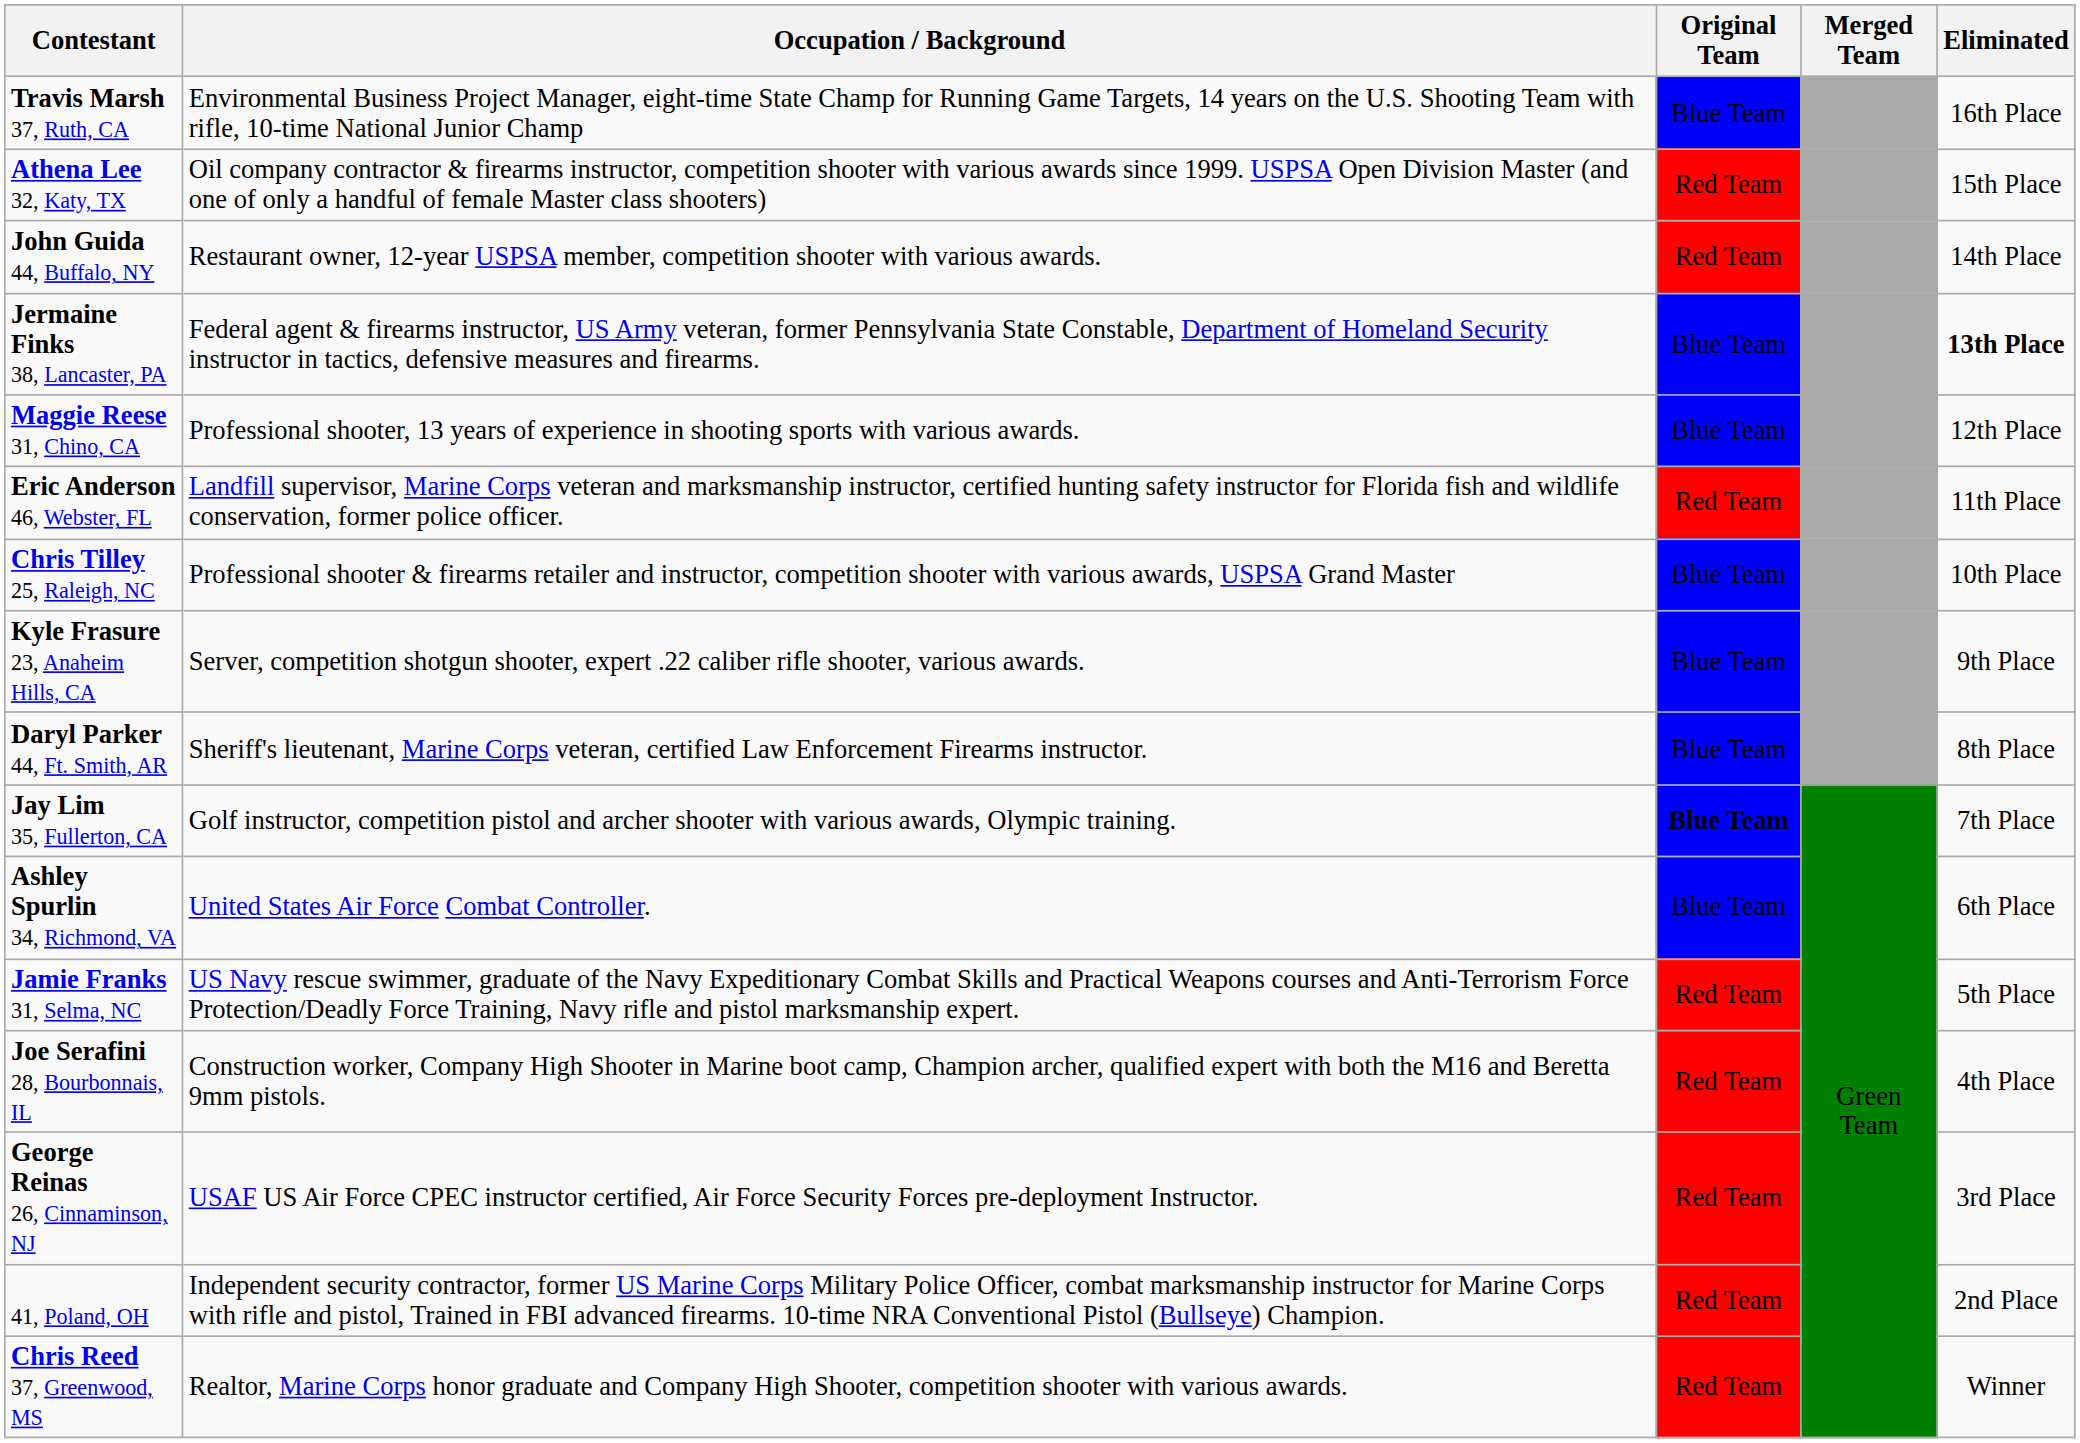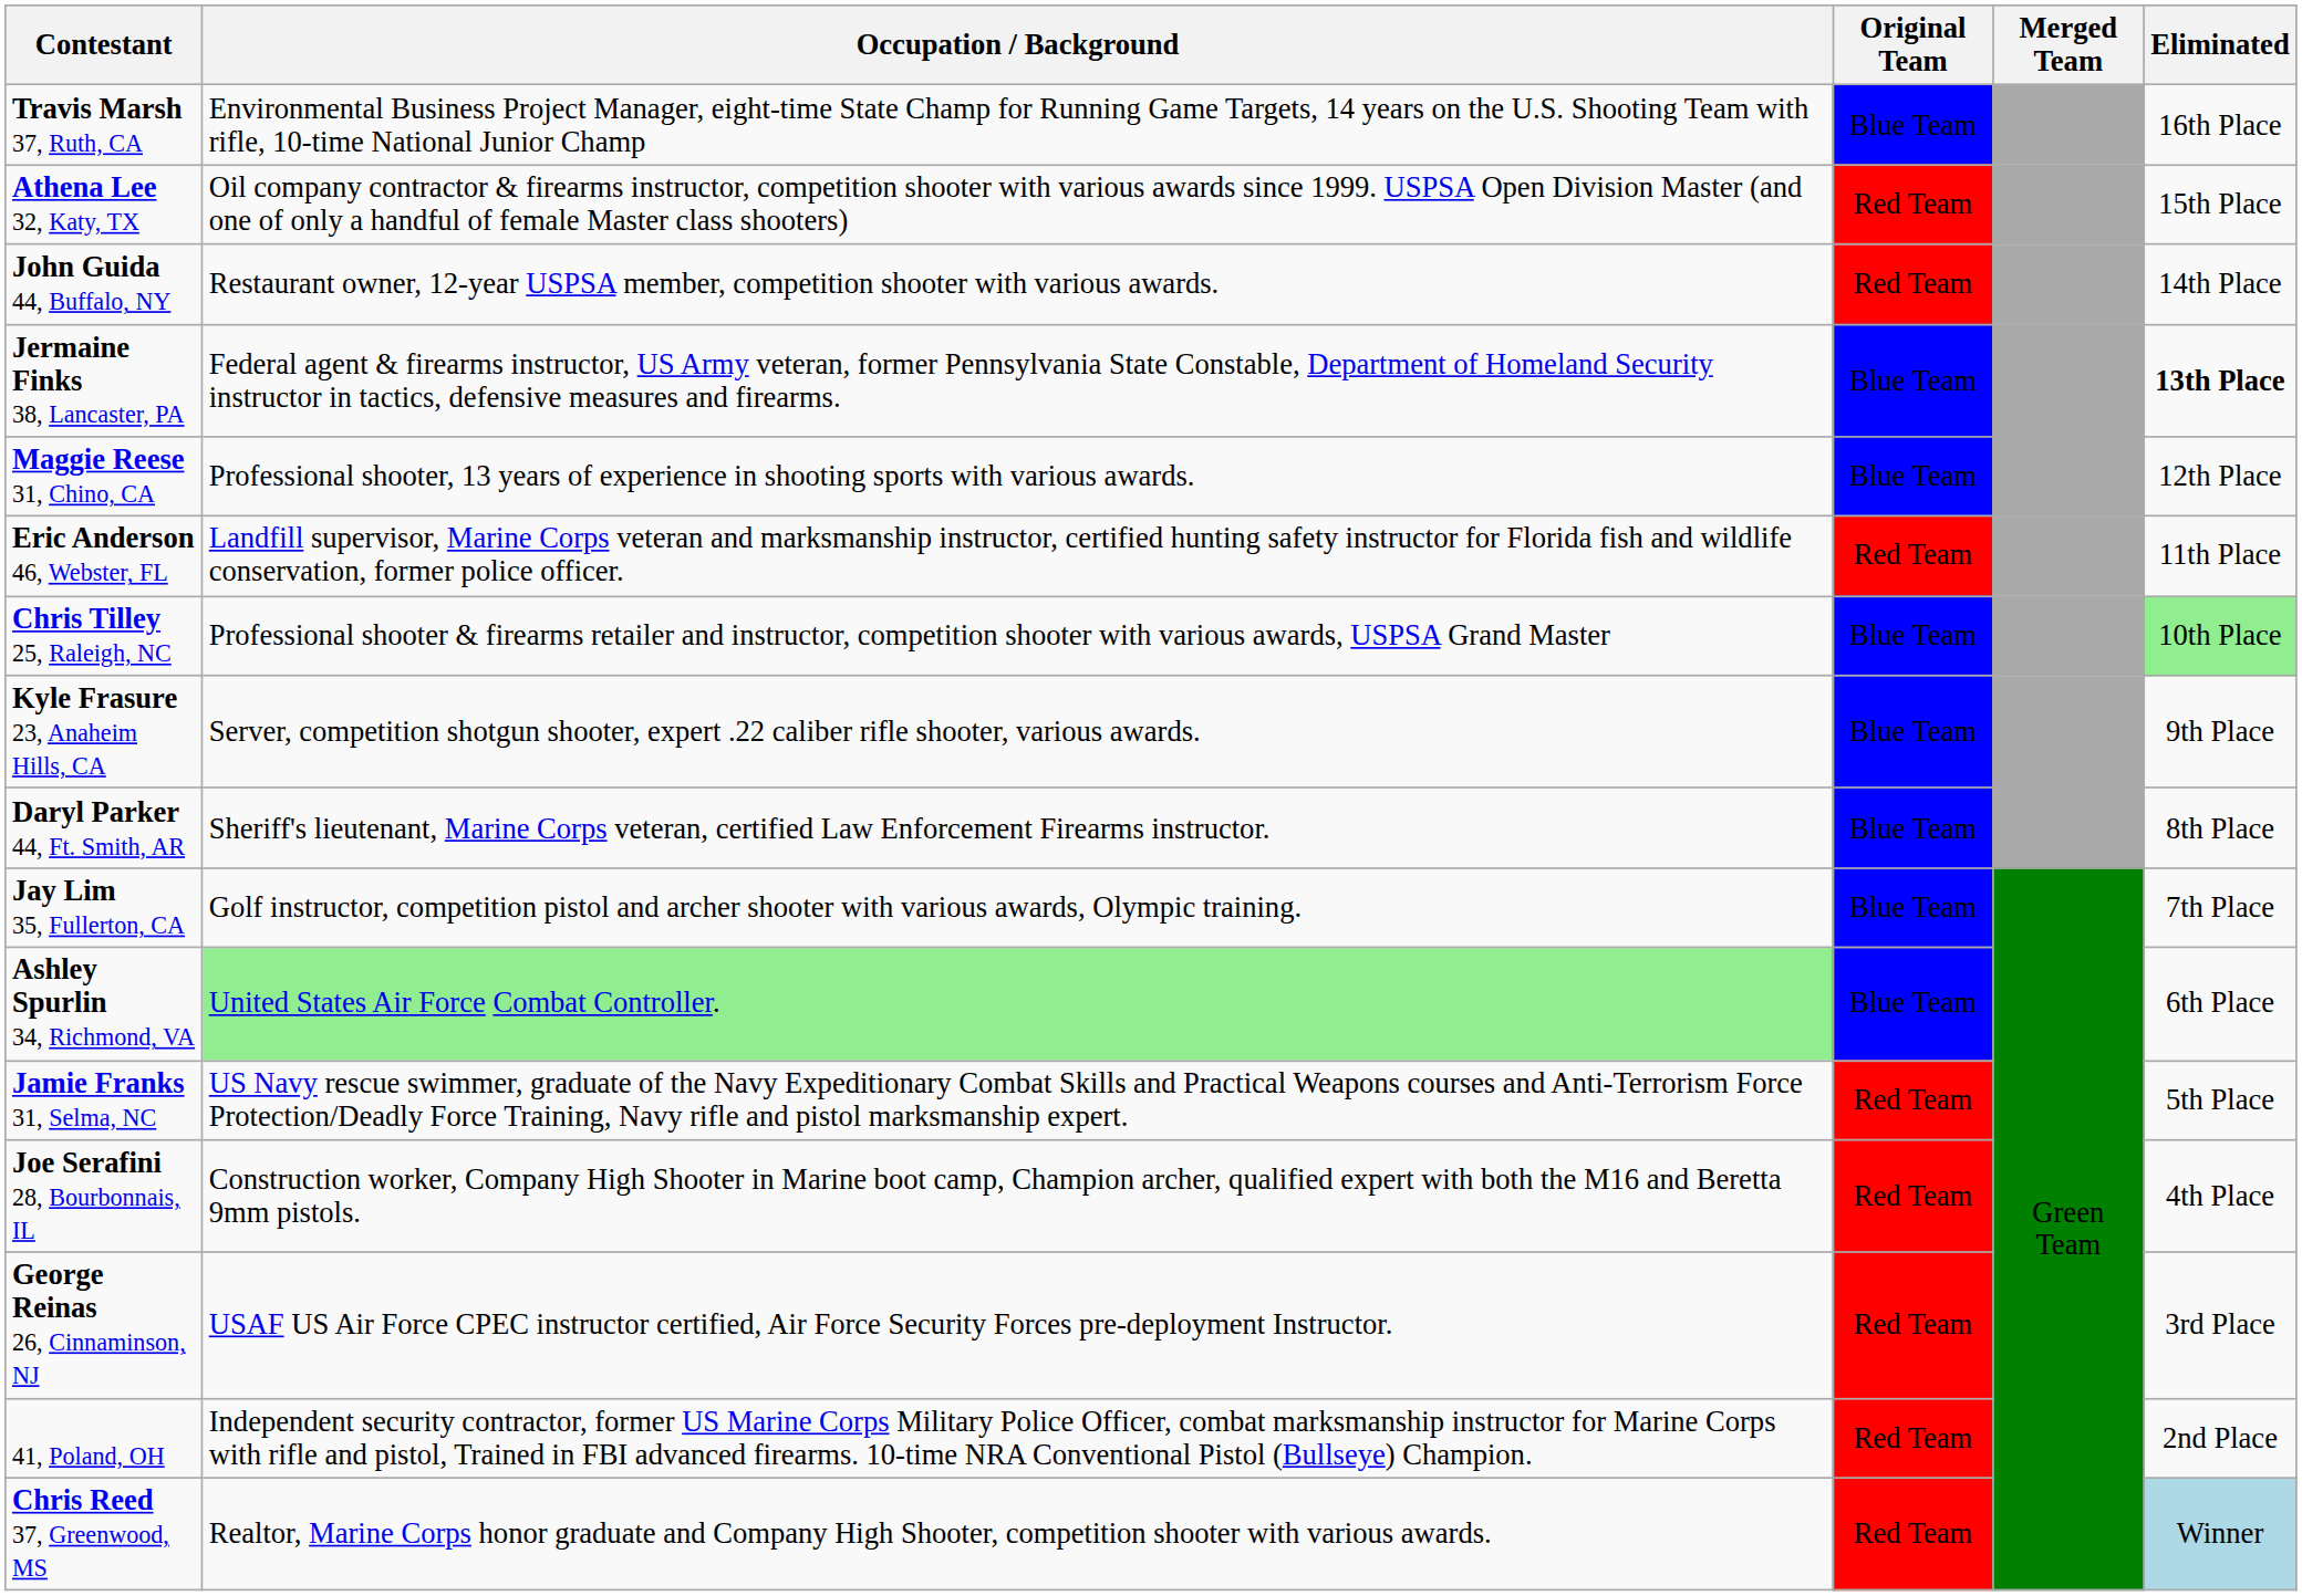 <table class="wikitable">
 <tr>
 <th>Contestant</th>
 <th>Occupation / Background</th>
 <th>Original Team</th>
 <th>Merged Team</th>
 <th>Eliminated</th>
 </tr>
 <tr>
 <td><strong>Travis Marsh</strong><br><small>37, <a href='#'>Ruth, CA</a></small></td>
 <td>Environmental Business Project Manager, eight-time State Champ for Running Game Targets, 14 years on the U.S. Shooting Team with rifle, 10-time National Junior Champ</td>
 <td style="background:blue; text-align:center;"><span>Blue Team</span></td>
 <td style="background:darkgrey;"></td>
 <td style="text-align:center;">16th Place</td>
 </tr>
 <tr>
 <td><strong><a href='#'>Athena Lee</a></strong><br><small>32, <a href='#'>Katy, TX</a></small></td>
 <td>Oil company contractor & firearms instructor, competition shooter with various awards since 1999.  <a href='#'>USPSA</a> Open Division Master (and one of only a handful of female Master class shooters)</td>
 <td style="background:red; text-align:center;"><span>Red Team</span></td>
 <td style="background:darkgrey;"></td>
 <td style="text-align:center;">15th Place</td>
 </tr>
 <tr>
 <td><strong>John Guida</strong><br><small>44, <a href='#'>Buffalo, NY</a></small></td>
 <td>Restaurant owner, 12-year <a href='#'>USPSA</a> member, competition shooter with various awards.</td>
 <td style="background:red; text-align:center;"><span>Red Team</span></td>
 <td style="background:darkgrey;"></td>
 <td style="text-align:center;">14th Place</td>
 </tr>
 <tr>
 <td><strong>Jermaine Finks</strong><br><small>38, <a href='#'>Lancaster, PA</a></small></td>
 <td>Federal agent & firearms instructor, <a href='#'>US Army</a> veteran, former Pennsylvania State Constable, <a href='#'>Department of Homeland Security</a> instructor in tactics, defensive measures and firearms.</td>
 <td style="background:blue; text-align:center;"><span>Blue Team</span></td>
 <td style="background:darkgrey;"></td>
 <td style="text-align:center;"><strong>13th Place</strong></td>
 </tr>
 <tr>
 <td><strong><a href='#'>Maggie Reese</a></strong><br><small>31, <a href='#'>Chino, CA</a></small></td>
 <td>Professional shooter, 13 years of experience in shooting sports with various awards.</td>
 <td style="background:blue; text-align:center;"><span>Blue Team</span></td>
 <td style="background:darkgrey;"></td>
 <td style="text-align:center;">12th Place</td>
 </tr>
 <tr>
 <td><strong>Eric Anderson</strong><br><small>46, <a href='#'>Webster, FL</a></small></td>
 <td><a href='#'>Landfill</a> supervisor, <a href='#'>Marine Corps</a> veteran and marksmanship instructor, certified hunting safety instructor for Florida fish and wildlife conservation, former police officer.</td>
 <td style="background:red; text-align:center;"><span>Red Team</span></td>
 <td style="background:darkgrey;"></td>
 <td style="text-align:center;">11th Place</td>
 </tr>
 <tr>
 <td><strong><a href='#'>Chris Tilley</a></strong><br><small>25, <a href='#'>Raleigh, NC</a></small></td>
 <td>Professional shooter & firearms retailer and instructor, competition shooter with various awards, <a href='#'>USPSA</a> Grand Master</td>
 <td style="background:blue; text-align:center;"><span>Blue Team</span></td>
 <td style="background:darkgrey;"></td>
-<td style="text-align:center;">10th Place</td>
+<td style="background: lightgreen; text-align:center;">10th Place</td>
 </tr>
 <tr>
 <td><strong>Kyle Frasure</strong><br><small>23, <a href='#'>Anaheim Hills, CA</a></small></td>
 <td>Server, competition shotgun shooter, expert .22 caliber rifle shooter, various awards.</td>
 <td style="background:blue; text-align:center;"><span>Blue Team</span></td>
 <td style="background:darkgrey;"></td>
 <td style="text-align:center;">9th Place</td>
 </tr>
 <tr>
 <td><strong>Daryl Parker</strong><br><small>44, <a href='#'>Ft. Smith, AR</a></small></td>
 <td>Sheriff's lieutenant, <a href='#'>Marine Corps</a> veteran, certified Law Enforcement Firearms instructor.</td>
 <td style="background:blue; text-align:center;"><span>Blue Team</span></td>
 <td style="background:darkgrey;"></td>
 <td style="text-align:center;">8th Place</td>
 </tr>
 <tr>
 <td><strong>Jay Lim</strong><br><small>35, <a href='#'>Fullerton, CA</a></small></td>
 <td>Golf instructor, competition pistol and archer shooter with various awards, Olympic training.</td>
-<td style="background:blue; text-align:center;"><strong><span>Blue Team</span></strong></td>
+<td style="background:blue; text-align:center;"><span>Blue Team</span></td>
 <td rowspan="7" style="background:green; text-align:center;"><span>Green Team</span></td>
 <td style="text-align:center;">7th Place</td>
 </tr>
 <tr>
 <td><strong>Ashley Spurlin</strong><br><small>34, <a href='#'>Richmond, VA</a></small></td>
-<td><a href='#'>United States Air Force</a> <a href='#'>Combat Controller</a>.</td>
+<td style="background: lightgreen;"><a href='#'>United States Air Force</a> <a href='#'>Combat Controller</a>.</td>
 <td style="background:blue; text-align:center;"><span>Blue Team</span></td>
 <td style="text-align:center;">6th Place</td>
 </tr>
 <tr>
 <td><strong><a href='#'>Jamie Franks</a></strong><br><small>31, <a href='#'>Selma, NC</a></small></td>
 <td><a href='#'>US Navy</a> rescue swimmer, graduate of the Navy Expeditionary Combat Skills and Practical Weapons courses and Anti-Terrorism Force Protection/Deadly Force Training, Navy rifle and pistol marksmanship expert.</td>
 <td style="background:red; text-align:center;"><span>Red Team</span></td>
 <td style="text-align:center;">5th Place</td>
 </tr>
 <tr>
 <td><strong>Joe Serafini</strong><br><small>28, <a href='#'>Bourbonnais, IL</a></small></td>
 <td>Construction worker, Company High Shooter in Marine boot camp, Champion archer, qualified expert with both the M16 and Beretta 9mm pistols.</td>
 <td style="background:red; text-align:center;"><span>Red Team</span></td>
 <td style="text-align:center;">4th Place</td>
 </tr>
 <tr>
 <td><strong>George Reinas</strong><br><small>26, <a href='#'>Cinnaminson, NJ</a></small></td>
 <td><a href='#'>USAF</a> US Air Force CPEC instructor certified, Air Force Security Forces pre-deployment Instructor.</td>
 <td style="background:red; text-align:center;"><span>Red Team</span></td>
 <td style="text-align:center;">3rd Place</td>
 </tr>
 <tr>
 <td><br><small>41, <a href='#'>Poland, OH</a></small></td>
 <td>Independent security contractor, former <a href='#'>US Marine Corps</a> Military Police Officer, combat marksmanship instructor for Marine Corps with rifle and pistol, Trained in FBI advanced firearms. 10-time NRA Conventional Pistol (<a href='#'>Bullseye</a>) Champion.</td>
 <td style="background:red; text-align:center;"><span>Red Team</span></td>
 <td style="text-align:center;">2nd Place</td>
 </tr>
 <tr>
 <td><strong><a href='#'>Chris Reed</a></strong><br><small>37, <a href='#'>Greenwood, MS</a></small></td>
 <td>Realtor, <a href='#'>Marine Corps</a> honor graduate and Company High Shooter, competition shooter with various awards.</td>
 <td style="background:red; text-align:center;"><span>Red Team</span></td>
-<td style="text-align:center;">Winner</td>
+<td style="background: lightblue; text-align:center;">Winner</td>
 </tr>
 </table>
